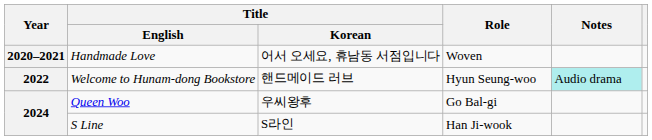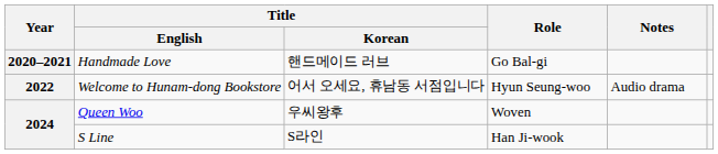 <table class="wikitable sortable plainrowheaders">
 <tr>
 <th scope="col" rowspan="2">Year</th>
 <th scope="col" colspan="2">Title</th>
 <th scope="col" rowspan="2" style="width:8em;">Role</th>
 <th scope="col" rowspan="2" style="width:6.6em;">Notes</th>
 <th scope="col" rowspan="2" class="unsortable"></th>
 </tr>
 <tr>
 <th scope="col">English</th>
 <th scope="col">Korean</th>
 </tr>
 <tr>
 <th scope="row">2020–2021</th>
 <td><em>Handmade Love</em></td>
-<td>어서 오세요, 휴남동 서점입니다</td>
-<td>Woven</td>
+<td>핸드메이드 러브</td>
+<td>Go Bal-gi</td>
 <td></td>
 <td></td>
 </tr>
 <tr>
 <th scope="row">2022</th>
 <td><em>Welcome to Hunam-dong Bookstore</em></td>
-<td>핸드메이드 러브</td>
+<td>어서 오세요, 휴남동 서점입니다</td>
 <td>Hyun Seung-woo</td>
-<td style="background: paleturquoise;">Audio drama</td>
+<td>Audio drama</td>
 <td></td>
 </tr>
 <tr>
 <th rowspan="2" scope="row">2024</th>
 <td><em><a href='#'>Queen Woo</a></em></td>
 <td>우씨왕후</td>
-<td>Go Bal-gi</td>
+<td>Woven</td>
 <td></td>
 <td></td>
 </tr>
 <tr>
 <td><em>S Line</em></td>
 <td>S라인</td>
 <td>Han Ji-wook</td>
 <td></td>
 <td></td>
 </tr>
 </table>
